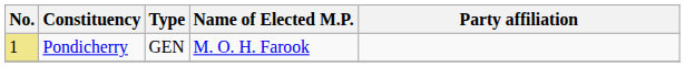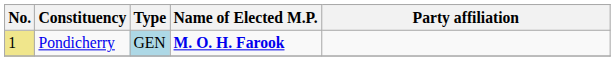 <table class="wikitable" style="font-size:95%;">
 <tr>
 <th>No.</th>
 <th>Constituency</th>
 <th>Type</th>
 <th>Name of Elected M.P.</th>
 <th colspan="2" style="width:18em">Party affiliation</th>
 </tr>
 <tr>
 <td style="background: khaki;">1</td>
 <td><a href='#'>Pondicherry</a></td>
-<td>GEN</td>
-<td><a href='#'>M. O. H. Farook</a></td>
+<td style="background: lightblue;">GEN</td>
+<td><strong><a href='#'>M. O. H. Farook</a></strong></td>
 <td></td>
 </tr>
 <tr>
 </tr>
 </table>
